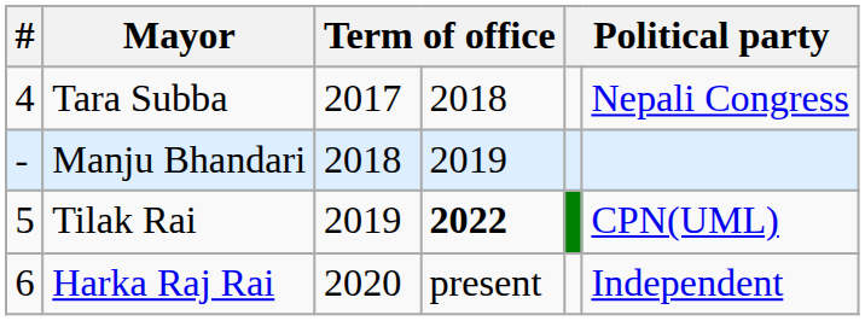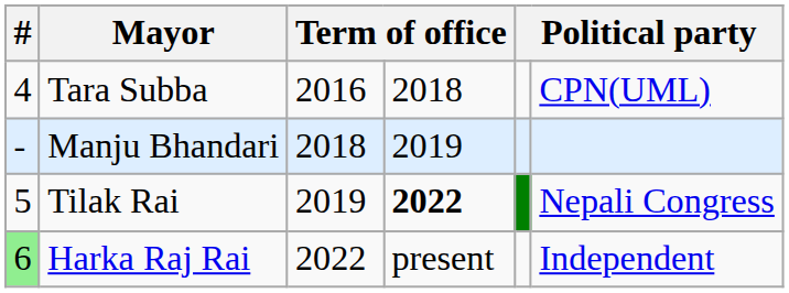 <table class="wikitable">
 <tr>
 <th>#</th>
 <th>Mayor</th>
 <th colspan="2">Term of office</th>
 <th colspan="2">Political party</th>
 </tr>
 <tr>
 <td>4</td>
 <td>Tara Subba</td>
-<td>2017</td>
+<td>2016</td>
 <td>2018</td>
 <td></td>
-<td><a href='#'>Nepali Congress</a></td>
+<td><a href='#'>CPN(UML)</a></td>
 </tr>
 <tr>
 <td style="background:#def;">-</td>
 <td style="background:#def;">Manju Bhandari</td>
 <td style="background:#def;">2018</td>
 <td style="background:#def;">2019</td>
 <td style="background:#def;"></td>
 <td style="background:#def;"></td>
 </tr>
 <tr>
 <td>5</td>
 <td>Tilak Rai</td>
 <td>2019</td>
 <td><strong>2022</strong></td>
 <td bgcolor="green"></td>
-<td><a href='#'>CPN(UML)</a></td>
+<td><a href='#'>Nepali Congress</a></td>
 </tr>
 <tr>
-<td>6</td>
+<td style="background: lightgreen;">6</td>
 <td><a href='#'>Harka Raj Rai</a></td>
-<td>2020</td>
+<td>2022</td>
 <td>present</td>
 <td></td>
 <td><a href='#'>Independent</a></td>
 </tr>
 </table>
